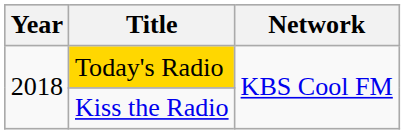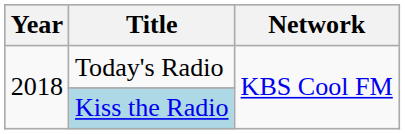 <table class="wikitable mw-collapsible">
 <tr>
 <th>Year</th>
 <th>Title</th>
 <th>Network</th>
 </tr>
 <tr>
 <td rowspan="2">2018</td>
-<td style="background: gold;">Today's Radio</td>
+<td>Today's Radio</td>
 <td rowspan="2"><a href='#'>KBS Cool FM</a></td>
 </tr>
 <tr>
-<td><a href='#'>Kiss the Radio</a></td>
+<td style="background: lightblue;"><a href='#'>Kiss the Radio</a></td>
 </tr>
 </table>
